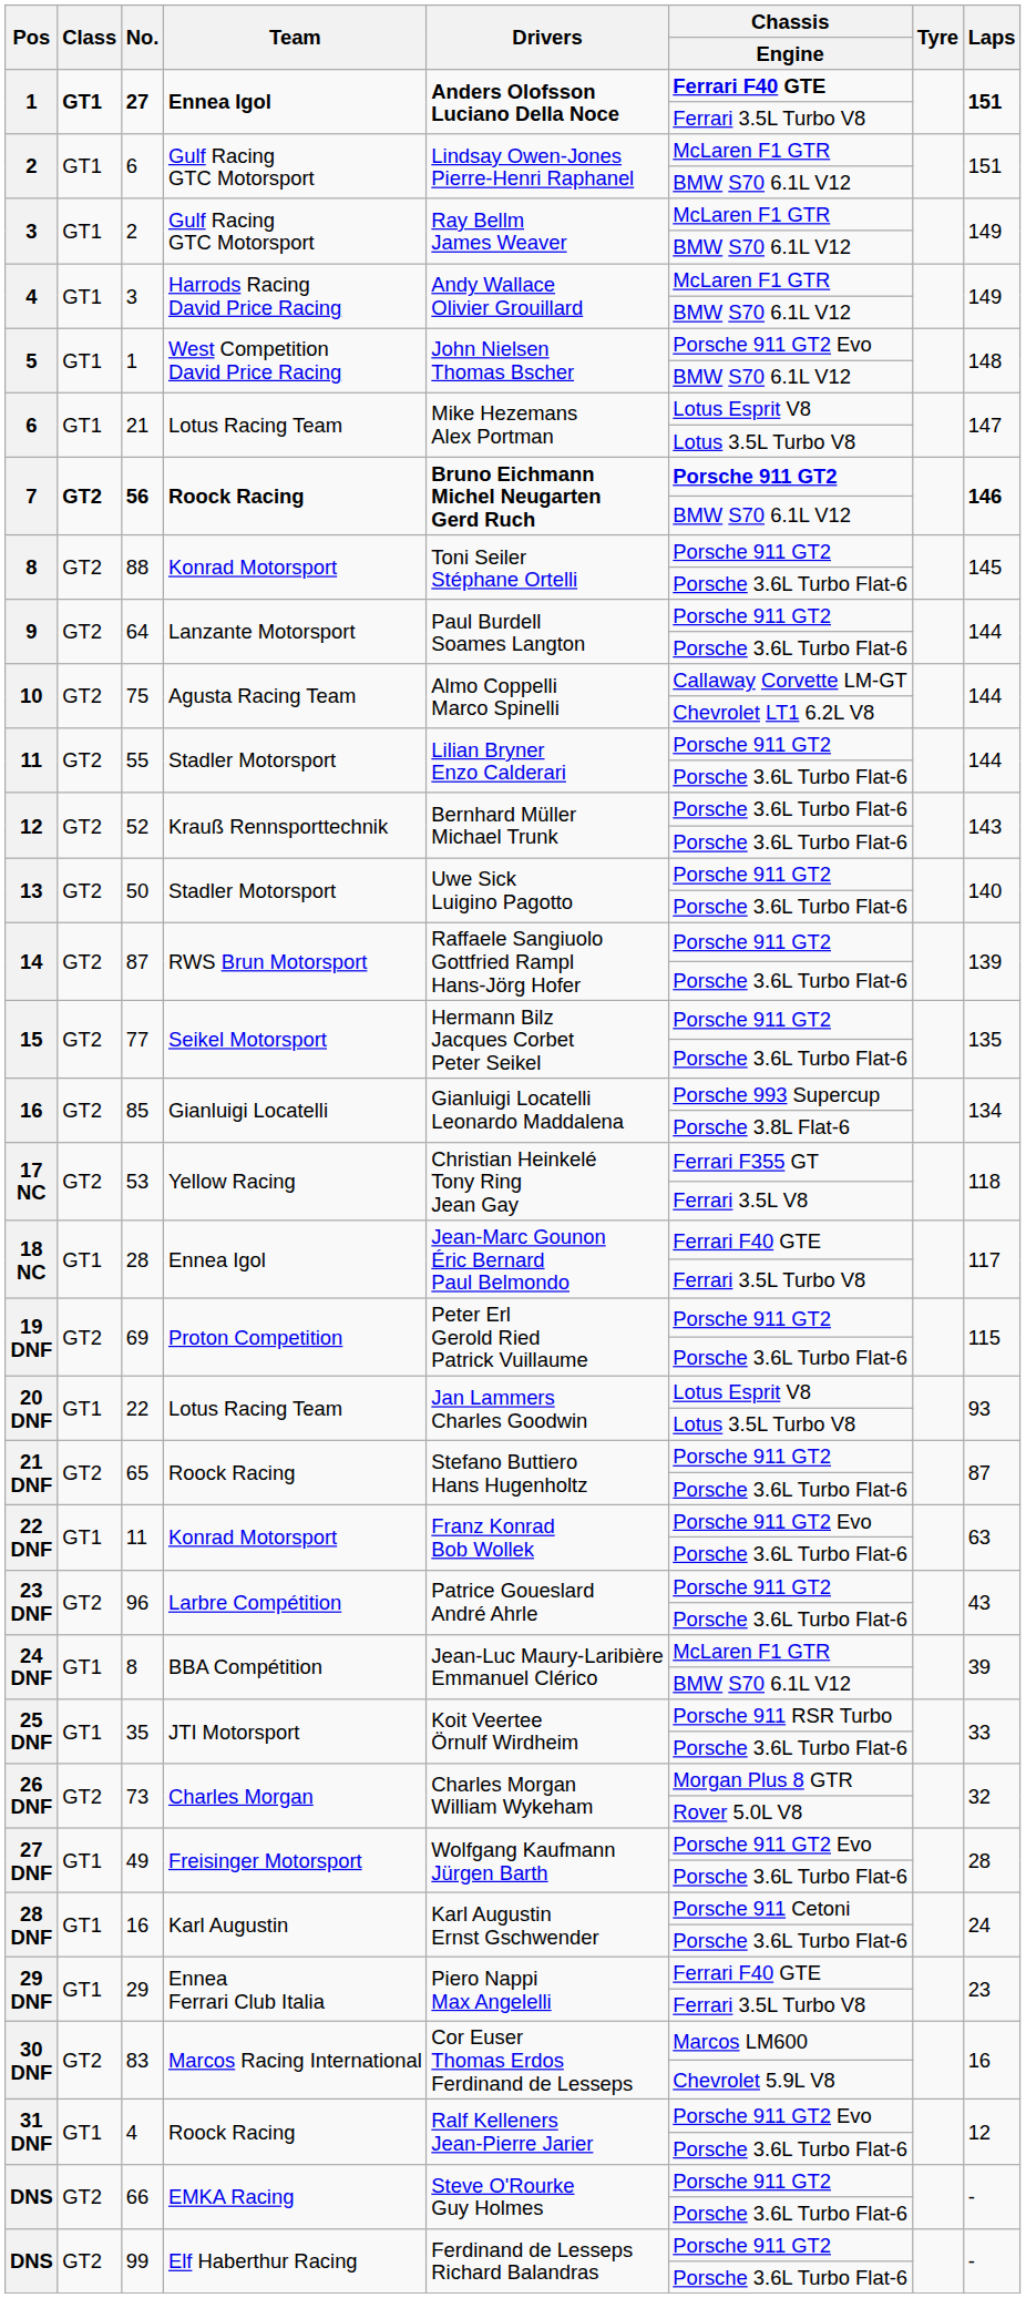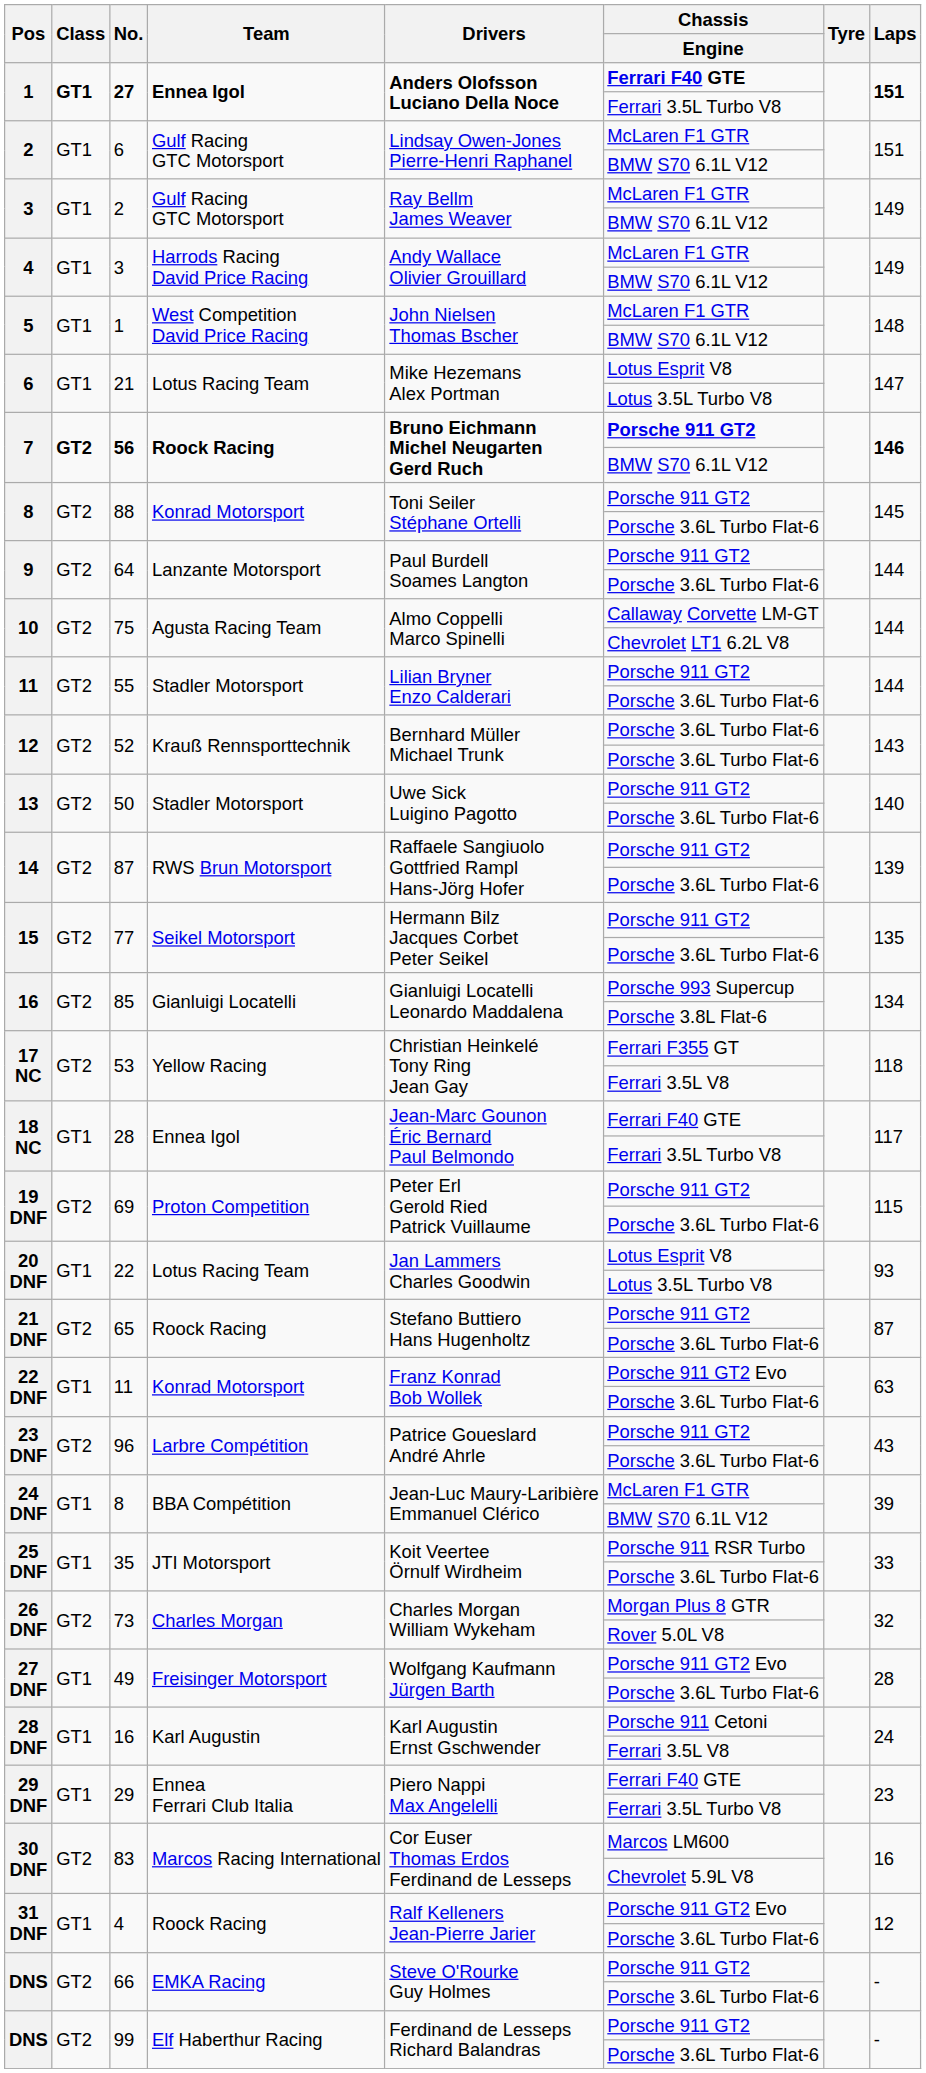 <table class="wikitable" style="font-size: 95%;">
 <tr>
 <th rowspan=2>Pos</th>
 <th rowspan=2>Class</th>
 <th rowspan=2>No.</th>
 <th rowspan=2>Team</th>
 <th rowspan=2>Drivers</th>
 <th>Chassis</th>
 <th rowspan=2>Tyre</th>
 <th rowspan=2>Laps</th>
 </tr>
 <tr>
 <th>Engine</th>
 </tr>
 <tr style="font-weight:bold">
 <th rowspan=2>1</th>
 <td rowspan=2>GT1</td>
 <td rowspan=2>27</td>
 <td rowspan=2> Ennea Igol</td>
 <td rowspan=2> Anders Olofsson<br> Luciano Della Noce</td>
 <td><a href='#'>Ferrari F40</a> GTE</td>
 <td rowspan=2></td>
 <td rowspan=2>151</td>
 </tr>
 <tr>
 <td><a href='#'>Ferrari</a> 3.5L Turbo V8</td>
 </tr>
 <tr>
 <th rowspan=2>2</th>
 <td rowspan=2>GT1</td>
 <td rowspan=2>6</td>
 <td rowspan=2> <a href='#'>Gulf</a> Racing<br> GTC Motorsport</td>
 <td rowspan=2> <a href='#'>Lindsay Owen-Jones</a><br> <a href='#'>Pierre-Henri Raphanel</a></td>
 <td><a href='#'>McLaren F1 GTR</a></td>
 <td rowspan=2></td>
 <td rowspan=2>151</td>
 </tr>
 <tr>
 <td><a href='#'>BMW</a> <a href='#'>S70</a> 6.1L V12</td>
 </tr>
 <tr>
 <th rowspan=2>3</th>
 <td rowspan=2>GT1</td>
 <td rowspan=2>2</td>
 <td rowspan=2> <a href='#'>Gulf</a> Racing<br> GTC Motorsport</td>
 <td rowspan=2> <a href='#'>Ray Bellm</a><br> <a href='#'>James Weaver</a></td>
 <td><a href='#'>McLaren F1 GTR</a></td>
 <td rowspan=2></td>
 <td rowspan=2>149</td>
 </tr>
 <tr>
 <td><a href='#'>BMW</a> <a href='#'>S70</a> 6.1L V12</td>
 </tr>
 <tr>
 <th rowspan=2>4</th>
 <td rowspan=2>GT1</td>
 <td rowspan=2>3</td>
 <td rowspan=2> <a href='#'>Harrods</a> Racing<br> <a href='#'>David Price Racing</a></td>
 <td rowspan=2> <a href='#'>Andy Wallace</a><br> <a href='#'>Olivier Grouillard</a></td>
 <td><a href='#'>McLaren F1 GTR</a></td>
 <td rowspan=2></td>
 <td rowspan=2>149</td>
 </tr>
 <tr>
 <td><a href='#'>BMW</a> <a href='#'>S70</a> 6.1L V12</td>
 </tr>
 <tr>
 <th rowspan=2>5</th>
 <td rowspan=2>GT1</td>
 <td rowspan=2>1</td>
 <td rowspan=2> <a href='#'>West</a> Competition<br> <a href='#'>David Price Racing</a></td>
 <td rowspan=2> <a href='#'>John Nielsen</a><br> <a href='#'>Thomas Bscher</a></td>
-<td><a href='#'>Porsche 911 GT2</a> Evo</td>
+<td><a href='#'>McLaren F1 GTR</a></td>
 <td rowspan=2></td>
 <td rowspan=2>148</td>
 </tr>
 <tr>
 <td><a href='#'>BMW</a> <a href='#'>S70</a> 6.1L V12</td>
 </tr>
 <tr>
 <th rowspan=2>6</th>
 <td rowspan=2>GT1</td>
 <td rowspan=2>21</td>
 <td rowspan=2> Lotus Racing Team</td>
 <td rowspan=2> Mike Hezemans<br> Alex Portman</td>
 <td><a href='#'>Lotus Esprit</a> V8</td>
 <td rowspan=2></td>
 <td rowspan=2>147</td>
 </tr>
 <tr>
 <td><a href='#'>Lotus</a> 3.5L Turbo V8</td>
 </tr>
 <tr style="font-weight:bold">
 <th rowspan=2>7</th>
 <td rowspan=2>GT2</td>
 <td rowspan=2>56</td>
 <td rowspan=2> Roock Racing</td>
 <td rowspan=2> Bruno Eichmann<br> Michel Neugarten<br> Gerd Ruch</td>
 <td><a href='#'>Porsche 911 GT2</a></td>
 <td rowspan=2></td>
 <td rowspan=2>146</td>
 </tr>
 <tr>
 <td><a href='#'>BMW</a> <a href='#'>S70</a> 6.1L V12</td>
 </tr>
 <tr>
 <th rowspan=2>8</th>
 <td rowspan=2>GT2</td>
 <td rowspan=2>88</td>
 <td rowspan=2> <a href='#'>Konrad Motorsport</a></td>
 <td rowspan=2> Toni Seiler<br> <a href='#'>Stéphane Ortelli</a></td>
 <td><a href='#'>Porsche 911 GT2</a></td>
 <td rowspan=2></td>
 <td rowspan=2>145</td>
 </tr>
 <tr>
 <td><a href='#'>Porsche</a> 3.6L Turbo Flat-6</td>
 </tr>
 <tr>
 <th rowspan=2>9</th>
 <td rowspan=2>GT2</td>
 <td rowspan=2>64</td>
 <td rowspan=2> Lanzante Motorsport</td>
 <td rowspan=2> Paul Burdell<br> Soames Langton</td>
 <td><a href='#'>Porsche 911 GT2</a></td>
 <td rowspan=2></td>
 <td rowspan=2>144</td>
 </tr>
 <tr>
 <td><a href='#'>Porsche</a> 3.6L Turbo Flat-6</td>
 </tr>
 <tr>
 <th rowspan=2>10</th>
 <td rowspan=2>GT2</td>
 <td rowspan=2>75</td>
 <td rowspan=2> Agusta Racing Team</td>
 <td rowspan=2> Almo Coppelli<br> Marco Spinelli</td>
 <td><a href='#'>Callaway</a> <a href='#'>Corvette</a> LM-GT</td>
 <td rowspan=2></td>
 <td rowspan=2>144</td>
 </tr>
 <tr>
 <td><a href='#'>Chevrolet</a> <a href='#'>LT1</a> 6.2L V8</td>
 </tr>
 <tr>
 <th rowspan=2>11</th>
 <td rowspan=2>GT2</td>
 <td rowspan=2>55</td>
 <td rowspan=2> Stadler Motorsport</td>
 <td rowspan=2> <a href='#'>Lilian Bryner</a><br> <a href='#'>Enzo Calderari</a></td>
 <td><a href='#'>Porsche 911 GT2</a></td>
 <td rowspan=2></td>
 <td rowspan=2>144</td>
 </tr>
 <tr>
 <td><a href='#'>Porsche</a> 3.6L Turbo Flat-6</td>
 </tr>
 <tr>
 <th rowspan=2>12</th>
 <td rowspan=2>GT2</td>
 <td rowspan=2>52</td>
 <td rowspan=2> Krauß Rennsporttechnik</td>
 <td rowspan=2> Bernhard Müller<br> Michael Trunk</td>
 <td><a href='#'>Porsche</a> 3.6L Turbo Flat-6</td>
 <td rowspan=2></td>
 <td rowspan=2>143</td>
 </tr>
 <tr>
 <td><a href='#'>Porsche</a> 3.6L Turbo Flat-6</td>
 </tr>
 <tr>
 <th rowspan=2>13</th>
 <td rowspan=2>GT2</td>
 <td rowspan=2>50</td>
 <td rowspan=2> Stadler Motorsport</td>
 <td rowspan=2> Uwe Sick<br> Luigino Pagotto</td>
 <td><a href='#'>Porsche 911 GT2</a></td>
 <td rowspan=2></td>
 <td rowspan=2>140</td>
 </tr>
 <tr>
 <td><a href='#'>Porsche</a> 3.6L Turbo Flat-6</td>
 </tr>
 <tr>
 <th rowspan=2>14</th>
 <td rowspan=2>GT2</td>
 <td rowspan=2>87</td>
 <td rowspan=2> RWS <a href='#'>Brun Motorsport</a></td>
 <td rowspan=2> Raffaele Sangiuolo<br> Gottfried Rampl<br> Hans-Jörg Hofer</td>
 <td><a href='#'>Porsche 911 GT2</a></td>
 <td rowspan=2></td>
 <td rowspan=2>139</td>
 </tr>
 <tr>
 <td><a href='#'>Porsche</a> 3.6L Turbo Flat-6</td>
 </tr>
 <tr>
 <th rowspan=2>15</th>
 <td rowspan=2>GT2</td>
 <td rowspan=2>77</td>
 <td rowspan=2> <a href='#'>Seikel Motorsport</a></td>
 <td rowspan=2> Hermann Bilz<br> Jacques Corbet<br> Peter Seikel</td>
 <td><a href='#'>Porsche 911 GT2</a></td>
 <td rowspan=2></td>
 <td rowspan=2>135</td>
 </tr>
 <tr>
 <td><a href='#'>Porsche</a> 3.6L Turbo Flat-6</td>
 </tr>
 <tr>
 <th rowspan=2>16</th>
 <td rowspan=2>GT2</td>
 <td rowspan=2>85</td>
 <td rowspan=2> Gianluigi Locatelli</td>
 <td rowspan=2> Gianluigi Locatelli<br> Leonardo Maddalena</td>
 <td><a href='#'>Porsche 993</a> Supercup</td>
 <td rowspan=2></td>
 <td rowspan=2>134</td>
 </tr>
 <tr>
 <td><a href='#'>Porsche</a> 3.8L Flat-6</td>
 </tr>
 <tr>
 <th rowspan=2>17<br>NC</th>
 <td rowspan=2>GT2</td>
 <td rowspan=2>53</td>
 <td rowspan=2> Yellow Racing</td>
 <td rowspan=2> Christian Heinkelé<br> Tony Ring<br> Jean Gay</td>
 <td><a href='#'>Ferrari F355</a> GT</td>
 <td rowspan=2></td>
 <td rowspan=2>118</td>
 </tr>
 <tr>
 <td><a href='#'>Ferrari</a> 3.5L V8</td>
 </tr>
 <tr>
 <th rowspan=2>18<br>NC</th>
 <td rowspan=2>GT1</td>
 <td rowspan=2>28</td>
 <td rowspan=2> Ennea Igol</td>
 <td rowspan=2> <a href='#'>Jean-Marc Gounon</a><br> <a href='#'>Éric Bernard</a><br> <a href='#'>Paul Belmondo</a></td>
 <td><a href='#'>Ferrari F40</a> GTE</td>
 <td rowspan=2></td>
 <td rowspan=2>117</td>
 </tr>
 <tr>
 <td><a href='#'>Ferrari</a> 3.5L Turbo V8</td>
 </tr>
 <tr>
 <th rowspan=2>19<br>DNF</th>
 <td rowspan=2>GT2</td>
 <td rowspan=2>69</td>
 <td rowspan=2> <a href='#'>Proton Competition</a></td>
 <td rowspan=2> Peter Erl<br> Gerold Ried<br> Patrick Vuillaume</td>
 <td><a href='#'>Porsche 911 GT2</a></td>
 <td rowspan=2></td>
 <td rowspan=2>115</td>
 </tr>
 <tr>
 <td><a href='#'>Porsche</a> 3.6L Turbo Flat-6</td>
 </tr>
 <tr>
 <th rowspan=2>20<br>DNF</th>
 <td rowspan=2>GT1</td>
 <td rowspan=2>22</td>
 <td rowspan=2> Lotus Racing Team</td>
 <td rowspan=2> <a href='#'>Jan Lammers</a><br> Charles Goodwin</td>
 <td><a href='#'>Lotus Esprit</a> V8</td>
 <td rowspan=2></td>
 <td rowspan=2>93</td>
 </tr>
 <tr>
 <td><a href='#'>Lotus</a> 3.5L Turbo V8</td>
 </tr>
 <tr>
 <th rowspan=2>21<br>DNF</th>
 <td rowspan=2>GT2</td>
 <td rowspan=2>65</td>
 <td rowspan=2> Roock Racing</td>
 <td rowspan=2> Stefano Buttiero<br> Hans Hugenholtz</td>
 <td><a href='#'>Porsche 911 GT2</a></td>
 <td rowspan=2></td>
 <td rowspan=2>87</td>
 </tr>
 <tr>
 <td><a href='#'>Porsche</a> 3.6L Turbo Flat-6</td>
 </tr>
 <tr>
 <th rowspan=2>22<br>DNF</th>
 <td rowspan=2>GT1</td>
 <td rowspan=2>11</td>
 <td rowspan=2> <a href='#'>Konrad Motorsport</a></td>
 <td rowspan=2> <a href='#'>Franz Konrad</a><br> <a href='#'>Bob Wollek</a></td>
 <td><a href='#'>Porsche 911 GT2</a> Evo</td>
 <td rowspan=2></td>
 <td rowspan=2>63</td>
 </tr>
 <tr>
 <td><a href='#'>Porsche</a> 3.6L Turbo Flat-6</td>
 </tr>
 <tr>
 <th rowspan=2>23<br>DNF</th>
 <td rowspan=2>GT2</td>
 <td rowspan=2>96</td>
 <td rowspan=2> <a href='#'>Larbre Compétition</a></td>
 <td rowspan=2> Patrice Goueslard<br> André Ahrle</td>
 <td><a href='#'>Porsche 911 GT2</a></td>
 <td rowspan=2></td>
 <td rowspan=2>43</td>
 </tr>
 <tr>
 <td><a href='#'>Porsche</a> 3.6L Turbo Flat-6</td>
 </tr>
 <tr>
 <th rowspan=2>24<br>DNF</th>
 <td rowspan=2>GT1</td>
 <td rowspan=2>8</td>
 <td rowspan=2> BBA Compétition</td>
 <td rowspan=2> Jean-Luc Maury-Laribière<br> Emmanuel Clérico</td>
 <td><a href='#'>McLaren F1 GTR</a></td>
 <td rowspan=2></td>
 <td rowspan=2>39</td>
 </tr>
 <tr>
 <td><a href='#'>BMW</a> <a href='#'>S70</a> 6.1L V12</td>
 </tr>
 <tr>
 <th rowspan=2>25<br>DNF</th>
 <td rowspan=2>GT1</td>
 <td rowspan=2>35</td>
 <td rowspan=2> JTI Motorsport</td>
 <td rowspan=2> Koit Veertee<br> Örnulf Wirdheim</td>
 <td><a href='#'>Porsche 911</a> RSR Turbo</td>
 <td rowspan=2></td>
 <td rowspan=2>33</td>
 </tr>
 <tr>
 <td><a href='#'>Porsche</a> 3.6L Turbo Flat-6</td>
 </tr>
 <tr>
 <th rowspan=2>26<br>DNF</th>
 <td rowspan=2>GT2</td>
 <td rowspan=2>73</td>
 <td rowspan=2> <a href='#'>Charles Morgan</a></td>
 <td rowspan=2> Charles Morgan<br> William Wykeham</td>
 <td><a href='#'>Morgan Plus 8</a> GTR</td>
 <td rowspan=2></td>
 <td rowspan=2>32</td>
 </tr>
 <tr>
 <td><a href='#'>Rover</a> 5.0L V8</td>
 </tr>
 <tr>
 <th rowspan=2>27<br>DNF</th>
 <td rowspan=2>GT1</td>
 <td rowspan=2>49</td>
 <td rowspan=2> <a href='#'>Freisinger Motorsport</a></td>
 <td rowspan=2> Wolfgang Kaufmann<br> <a href='#'>Jürgen Barth</a></td>
 <td><a href='#'>Porsche 911 GT2</a> Evo</td>
 <td rowspan=2></td>
 <td rowspan=2>28</td>
 </tr>
 <tr>
 <td><a href='#'>Porsche</a> 3.6L Turbo Flat-6</td>
 </tr>
 <tr>
 <th rowspan=2>28<br>DNF</th>
 <td rowspan=2>GT1</td>
 <td rowspan=2>16</td>
 <td rowspan=2> Karl Augustin</td>
 <td rowspan=2> Karl Augustin<br> Ernst Gschwender</td>
 <td><a href='#'>Porsche 911</a> Cetoni</td>
 <td rowspan=2></td>
 <td rowspan=2>24</td>
 </tr>
 <tr>
-<td><a href='#'>Porsche</a> 3.6L Turbo Flat-6</td>
+<td><a href='#'>Ferrari</a> 3.5L V8</td>
 </tr>
 <tr>
 <th rowspan=2>29<br>DNF</th>
 <td rowspan=2>GT1</td>
 <td rowspan=2>29</td>
 <td rowspan=2> Ennea<br> Ferrari Club Italia</td>
 <td rowspan=2> Piero Nappi<br> <a href='#'>Max Angelelli</a></td>
 <td><a href='#'>Ferrari F40</a> GTE</td>
 <td rowspan=2></td>
 <td rowspan=2>23</td>
 </tr>
 <tr>
 <td><a href='#'>Ferrari</a> 3.5L Turbo V8</td>
 </tr>
 <tr>
 <th rowspan=2>30<br>DNF</th>
 <td rowspan=2>GT2</td>
 <td rowspan=2>83</td>
 <td rowspan=2> <a href='#'>Marcos</a> Racing International</td>
 <td rowspan=2> Cor Euser<br> <a href='#'>Thomas Erdos</a><br> Ferdinand de Lesseps</td>
 <td><a href='#'>Marcos</a> LM600</td>
 <td rowspan=2></td>
 <td rowspan=2>16</td>
 </tr>
 <tr>
 <td><a href='#'>Chevrolet</a> 5.9L V8</td>
 </tr>
 <tr>
 <th rowspan=2>31<br>DNF</th>
 <td rowspan=2>GT1</td>
 <td rowspan=2>4</td>
 <td rowspan=2> Roock Racing</td>
 <td rowspan=2> <a href='#'>Ralf Kelleners</a><br> <a href='#'>Jean-Pierre Jarier</a></td>
 <td><a href='#'>Porsche 911 GT2</a> Evo</td>
 <td rowspan=2></td>
 <td rowspan=2>12</td>
 </tr>
 <tr>
 <td><a href='#'>Porsche</a> 3.6L Turbo Flat-6</td>
 </tr>
 <tr>
 <th rowspan=2>DNS</th>
 <td rowspan=2>GT2</td>
 <td rowspan=2>66</td>
 <td rowspan=2> <a href='#'>EMKA Racing</a></td>
 <td rowspan=2> <a href='#'>Steve O'Rourke</a><br> Guy Holmes</td>
 <td><a href='#'>Porsche 911 GT2</a></td>
 <td rowspan=2></td>
 <td rowspan=2>-</td>
 </tr>
 <tr>
 <td><a href='#'>Porsche</a> 3.6L Turbo Flat-6</td>
 </tr>
 <tr>
 <th rowspan=2>DNS</th>
 <td rowspan=2>GT2</td>
 <td rowspan=2>99</td>
 <td rowspan=2> <a href='#'>Elf</a> Haberthur Racing</td>
 <td rowspan=2> Ferdinand de Lesseps<br> Richard Balandras</td>
 <td><a href='#'>Porsche 911 GT2</a></td>
 <td rowspan=2></td>
 <td rowspan=2>-</td>
 </tr>
 <tr>
 <td><a href='#'>Porsche</a> 3.6L Turbo Flat-6</td>
 </tr>
 <tr>
 </tr>
 </table>
